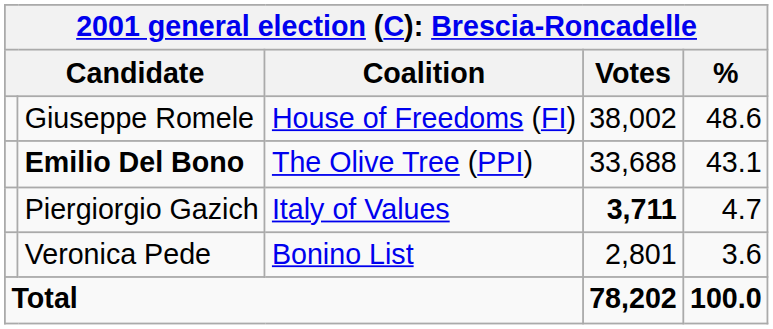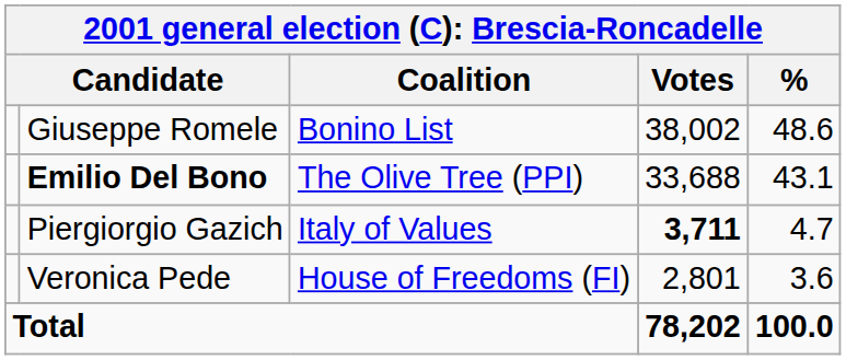 <table class=wikitable style=text-align:right>
 <tr>
 <th colspan=5><a href='#'>2001 general election</a> (<a href='#'>C</a>): <a href='#'>Brescia-Roncadelle</a></th>
 </tr>
 <tr>
 <th colspan=2>Candidate</th>
 <th>Coalition</th>
 <th>Votes</th>
 <th>%</th>
 </tr>
 <tr>
 <td></td>
 <td align=left>Giuseppe Romele</td>
-<td align=left><a href='#'>House of Freedoms</a> (<a href='#'>FI</a>)</td>
+<td align=left><a href='#'>Bonino List</a></td>
 <td>38,002</td>
 <td>48.6</td>
 </tr>
 <tr>
 <td></td>
 <td align=left><strong>Emilio Del Bono</strong></td>
 <td align=left><a href='#'>The Olive Tree</a> (<a href='#'>PPI</a>)</td>
 <td>33,688</td>
 <td>43.1</td>
 </tr>
 <tr>
 <td></td>
 <td align=left>Piergiorgio Gazich</td>
 <td align=left><a href='#'>Italy of Values</a></td>
 <td><strong>3,711</strong></td>
 <td>4.7</td>
 </tr>
 <tr>
 <td></td>
 <td align=left>Veronica Pede</td>
-<td align=left><a href='#'>Bonino List</a></td>
+<td align=left><a href='#'>House of Freedoms</a> (<a href='#'>FI</a>)</td>
 <td>2,801</td>
 <td>3.6</td>
 </tr>
 <tr>
 <td align=left colspan=3><strong>Total</strong></td>
 <td><strong>78,202</strong></td>
 <td><strong>100.0</strong></td>
 </tr>
 </table>
